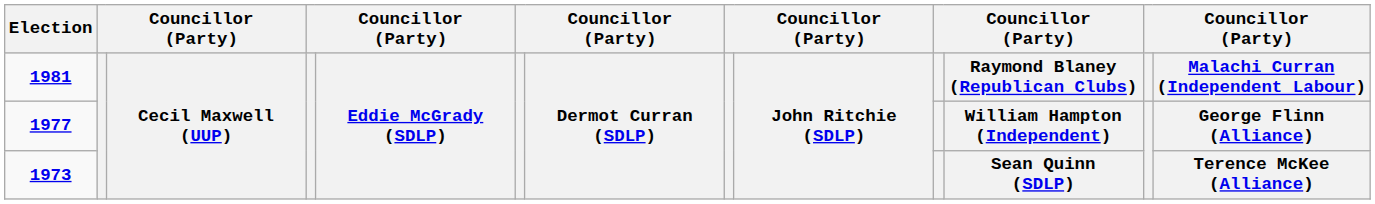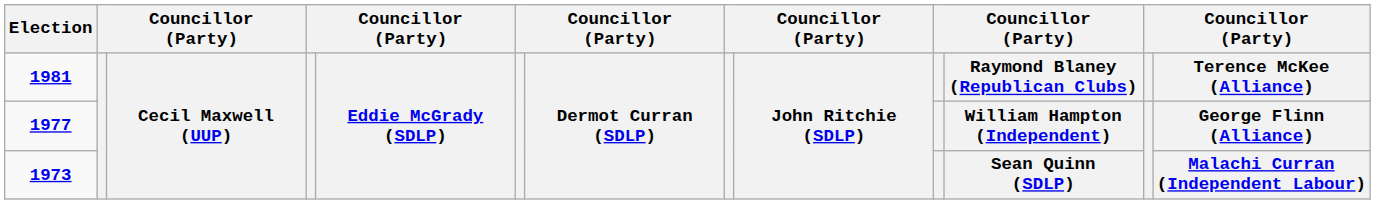 <table class="wikitable" style="text-align:center">
 <tr>
 <th scope="col" width="50">Election</th>
 <th scope="col" width="150" colspan = "2">Councillor<br> (Party)</th>
 <th scope="col" width="150" colspan = "2">Councillor<br> (Party)</th>
 <th scope="col" width="150" colspan = "2">Councillor<br> (Party)</th>
 <th scope="col" width="150" colspan = "2">Councillor<br> (Party)</th>
 <th scope="col" width="150" colspan = "2">Councillor<br> (Party)</th>
 <th scope="col" width="150" colspan = "2">Councillor<br> (Party)</th>
 </tr>
 <tr>
 <td><strong><a href='#'>1981</a></strong></td>
 <th rowspan="3" width="1" style="background-color: "></th>
 <th rowspan = "3">Cecil Maxwell <br> (<a href='#'>UUP</a>)</th>
 <th rowspan="3" width="1" style="background-color: "></th>
 <th rowspan = "3"><a href='#'>Eddie McGrady</a> <br> (<a href='#'>SDLP</a>)</th>
 <th rowspan="3" width="1" style="background-color: "></th>
 <th rowspan = "3">Dermot Curran <br> (<a href='#'>SDLP</a>)</th>
 <th rowspan="3" width="1" style="background-color: "></th>
 <th rowspan = "3">John Ritchie <br> (<a href='#'>SDLP</a>)</th>
 <th rowspan="1" width="1" style="background-color: "></th>
 <th rowspan = "1">Raymond Blaney <br> (<a href='#'>Republican Clubs</a>)</th>
 <th rowspan="1" width="1" style="background-color: "></th>
-<th rowspan = "1"><a href='#'>Malachi Curran</a> <br> (<a href='#'>Independent Labour</a>)</th>
+<th rowspan = "1">Terence McKee <br> (<a href='#'>Alliance</a>)</th>
 </tr>
 <tr>
 <td><strong><a href='#'>1977</a></strong></td>
 <th rowspan="1" width="1" style="background-color: "></th>
 <th rowspan = "1">William Hampton <br> (<a href='#'>Independent</a>)</th>
 <th rowspan="2" width="1" style="background-color: "></th>
 <th rowspan = "1">George Flinn <br> (<a href='#'>Alliance</a>)</th>
 </tr>
 <tr>
 <td><strong><a href='#'>1973</a></strong></td>
 <th rowspan="1" width="1" style="background-color: "></th>
 <th rowspan = "1">Sean Quinn <br> (<a href='#'>SDLP</a>)</th>
-<th rowspan = "1">Terence McKee <br> (<a href='#'>Alliance</a>)</th>
+<th rowspan = "1"><a href='#'>Malachi Curran</a> <br> (<a href='#'>Independent Labour</a>)</th>
 </tr>
 </table>
